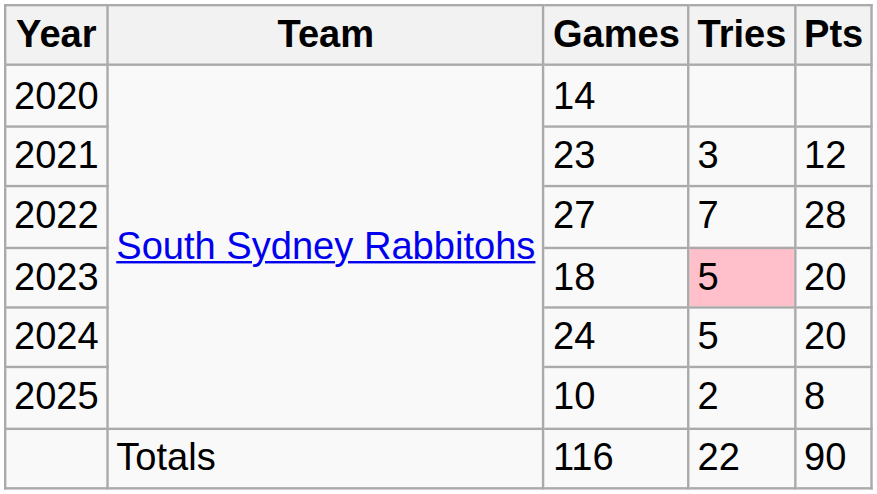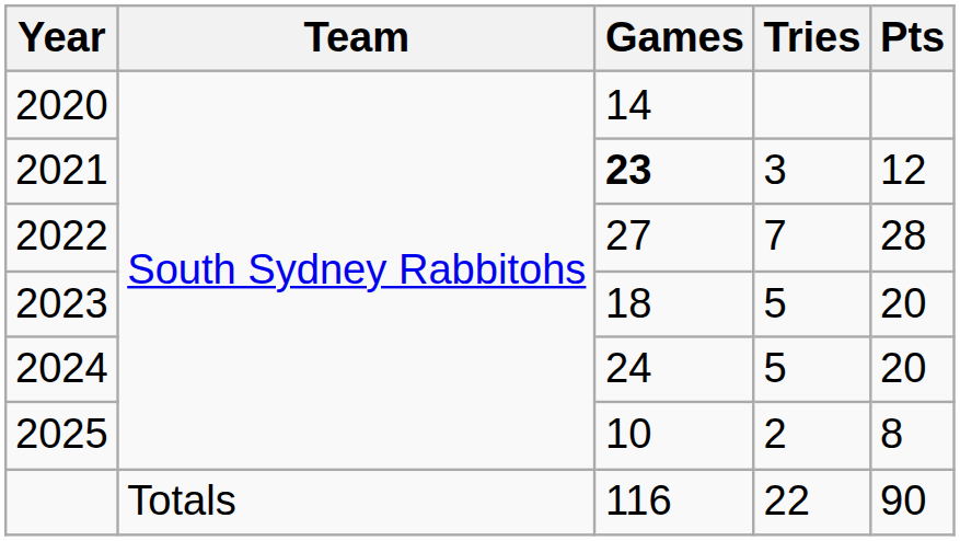 <table class="wikitable">
 <tr>
 <th>Year</th>
 <th>Team</th>
 <th>Games</th>
 <th>Tries</th>
 <th>Pts</th>
 </tr>
 <tr>
 <td>2020</td>
 <td rowspan="6"> <a href='#'>South Sydney Rabbitohs</a></td>
 <td>14</td>
 <td></td>
 <td></td>
 </tr>
 <tr>
 <td>2021</td>
-<td>23</td>
+<td><strong>23</strong></td>
 <td>3</td>
 <td>12</td>
 </tr>
 <tr>
 <td>2022</td>
 <td>27</td>
 <td>7</td>
 <td>28</td>
 </tr>
 <tr>
 <td>2023</td>
 <td>18</td>
-<td style="background: pink;">5</td>
+<td>5</td>
 <td>20</td>
 </tr>
 <tr>
 <td>2024</td>
 <td>24</td>
 <td>5</td>
 <td>20</td>
 </tr>
 <tr>
 <td>2025</td>
 <td>10</td>
 <td>2</td>
 <td>8</td>
 </tr>
 <tr>
 <td></td>
 <td>Totals</td>
 <td>116</td>
 <td>22</td>
 <td>90</td>
 </tr>
 </table>
